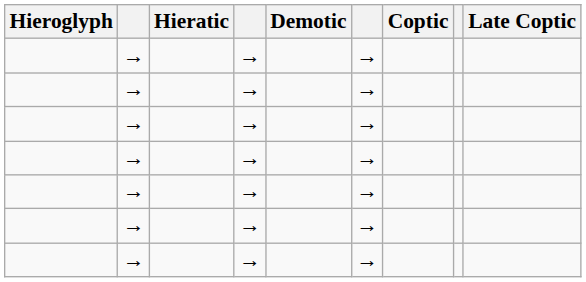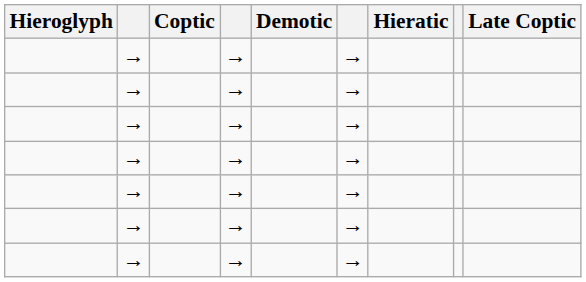 <table class="wikitable">
 <tr ->
 <th>Hieroglyph</th>
 <th> </th>
-<th>Hieratic</th>
+<th>Coptic</th>
 <th> </th>
 <th>Demotic</th>
 <th> </th>
-<th>Coptic</th>
+<th>Hieratic</th>
 <th><small></small></th>
 <th>Late Coptic </th>
 </tr>
 <tr>
 <td></td>
 <td>→</td>
 <td></td>
 <td>→</td>
 <td></td>
 <td>→</td>
 <td></td>
 <td></td>
 <td></td>
 </tr>
 <tr>
 <td></td>
 <td>→</td>
 <td></td>
 <td>→</td>
 <td></td>
 <td>→</td>
 <td></td>
 <td></td>
 <td></td>
 </tr>
 <tr>
 <td></td>
 <td>→</td>
 <td></td>
 <td>→</td>
 <td></td>
 <td>→</td>
 <td></td>
 <td></td>
 <td></td>
 </tr>
 <tr>
 <td></td>
 <td>→</td>
 <td></td>
 <td>→</td>
 <td></td>
 <td>→</td>
 <td></td>
 <td></td>
 <td></td>
 </tr>
 <tr>
 <td></td>
 <td>→</td>
 <td></td>
 <td>→</td>
 <td></td>
 <td>→</td>
 <td></td>
 <td></td>
 <td></td>
 </tr>
 <tr>
 <td></td>
 <td>→</td>
 <td></td>
 <td>→</td>
 <td></td>
 <td>→</td>
 <td></td>
 <td></td>
 <td></td>
 </tr>
 <tr>
 <td></td>
 <td>→</td>
 <td></td>
 <td>→</td>
 <td></td>
 <td>→</td>
 <td></td>
 <td></td>
 <td></td>
 </tr>
 </table>
